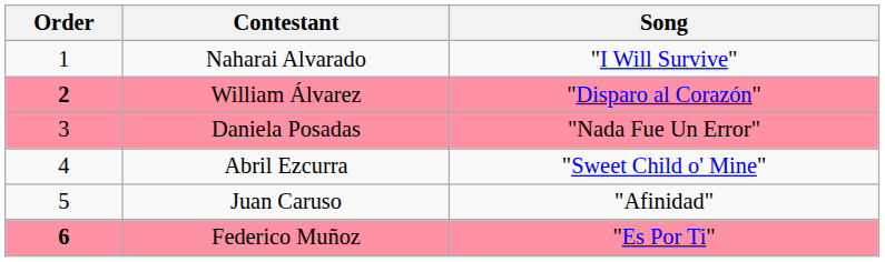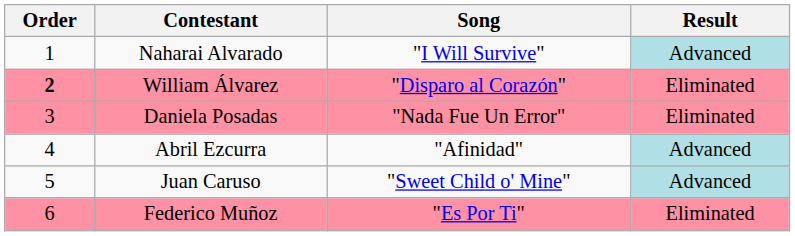 <table class="wikitable" style="text-align:center; width:70%;">
 <tr>
 <th scope="col" style="width:4%;">Order</th>
 <th scope="col" style="width:16%;">Contestant</th>
 <th scope="col" style="width:21%;">Song</th>
+<th scope="col" style="width:9%;">Result</th>
 </tr>
 <tr>
 <td>1</td>
 <td>Naharai Alvarado</td>
 <td>"<a href='#'>I Will Survive</a>"</td>
+<td style="background:#B0E0E6;">Advanced</td>
 </tr>
 <tr>
 <td style="background:#FF91A4;"><strong>2</strong></td>
 <td style="background:#FF91A4;">William Álvarez</td>
 <td style="background:#FF91A4;">"<a href='#'>Disparo al Corazón</a>"</td>
+<td style="background:#FF91A4;">Eliminated</td>
 </tr>
 <tr>
 <td style="background:#FF91A4;">3</td>
 <td style="background:#FF91A4;">Daniela Posadas</td>
 <td style="background:#FF91A4;">"Nada Fue Un Error"</td>
+<td style="background:#FF91A4;">Eliminated</td>
 </tr>
 <tr>
 <td>4</td>
 <td>Abril Ezcurra</td>
-<td>"<a href='#'>Sweet Child o' Mine</a>"</td>
+<td>"Afinidad"</td>
+<td style="background:#B0E0E6;">Advanced</td>
 </tr>
 <tr>
 <td>5</td>
 <td>Juan Caruso</td>
-<td>"Afinidad"</td>
+<td>"<a href='#'>Sweet Child o' Mine</a>"</td>
+<td style="background:#B0E0E6;">Advanced</td>
 </tr>
 <tr>
-<td style="background:#FF91A4;"><strong>6</strong></td>
+<td style="background:#FF91A4;">6</td>
 <td style="background:#FF91A4;">Federico Muñoz</td>
 <td style="background:#FF91A4;">"<a href='#'>Es Por Ti</a>"</td>
+<td style="background:#FF91A4;">Eliminated</td>
 </tr>
 </table>
